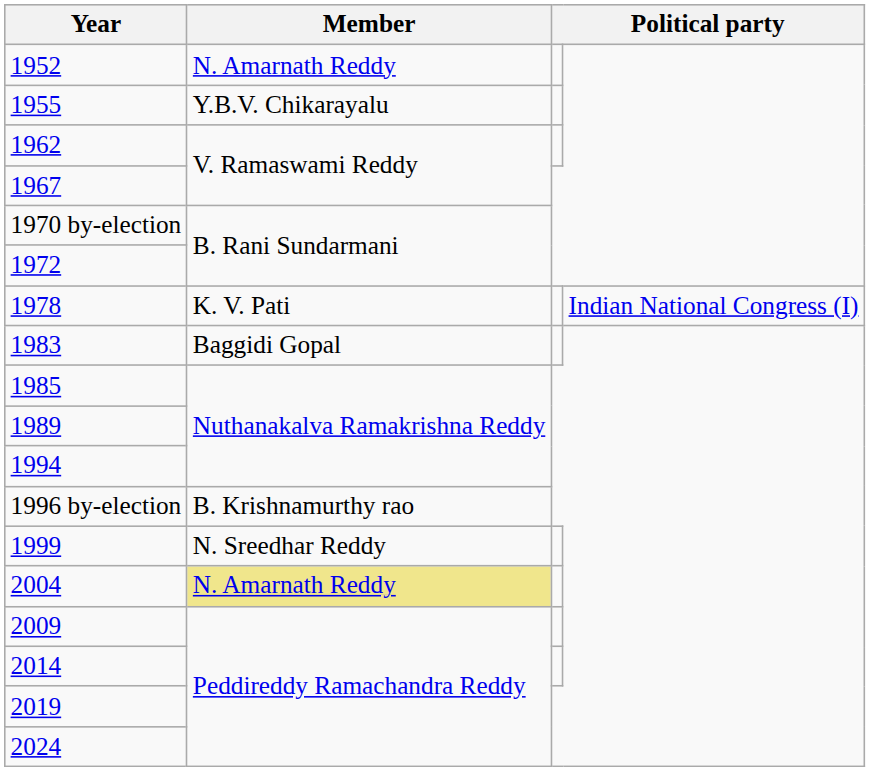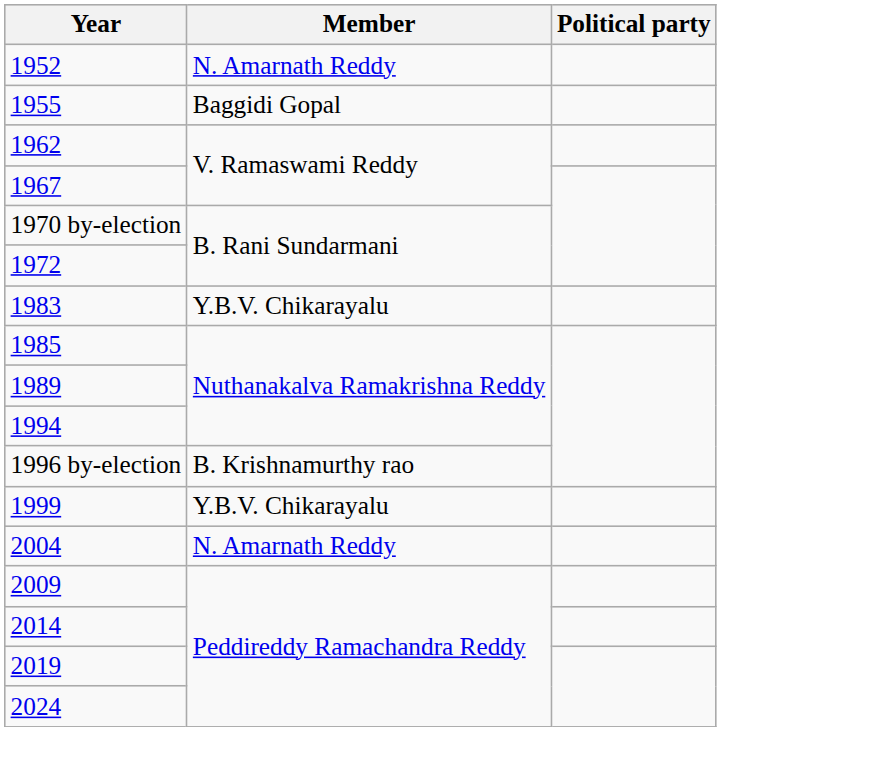 <table class="wikitable sortable">
 <tr>
 <th>Year</th>
 <th>Member</th>
 <th colspan="2">Political party</th>
 </tr>
 <tr>
 <td><a href='#'>1952</a></td>
 <td><a href='#'>N. Amarnath Reddy</a></td>
 <td></td>
 </tr>
 <tr>
 <td><a href='#'>1955</a></td>
-<td>Y.B.V. Chikarayalu</td>
+<td>Baggidi Gopal</td>
 <td></td>
 </tr>
 <tr>
 <td><a href='#'>1962</a></td>
 <td rowspan=2>V. Ramaswami Reddy</td>
 <td></td>
 </tr>
 <tr>
 <td><a href='#'>1967</a></td>
 </tr>
 <tr>
 <td>1970 by-election</td>
 <td rowspan=2>B. Rani Sundarmani</td>
 </tr>
 <tr>
 <td><a href='#'>1972</a></td>
 </tr>
 <tr>
-<td><a href='#'>1978</a></td>
-<td>K. V. Pati</td>
-<td style="background-color: "></td>
-<td><a href='#'>Indian National Congress (I)</a></td>
-</tr>
-<tr>
 <td><a href='#'>1983</a></td>
-<td>Baggidi Gopal</td>
+<td>Y.B.V. Chikarayalu</td>
 <td></td>
 </tr>
 <tr>
 <td><a href='#'>1985</a></td>
 <td rowspan=3><a href='#'>Nuthanakalva Ramakrishna Reddy</a></td>
 </tr>
 <tr>
 <td><a href='#'>1989</a></td>
 </tr>
 <tr>
 <td><a href='#'>1994</a></td>
 </tr>
 <tr>
 <td>1996 by-election</td>
 <td>B. Krishnamurthy rao</td>
 </tr>
 <tr>
 <td><a href='#'>1999</a></td>
-<td>N. Sreedhar Reddy</td>
+<td>Y.B.V. Chikarayalu</td>
 <td></td>
 </tr>
 <tr>
 <td><a href='#'>2004</a></td>
-<td style="background: khaki;"><a href='#'>N. Amarnath Reddy</a></td>
+<td><a href='#'>N. Amarnath Reddy</a></td>
 <td></td>
 </tr>
 <tr>
 <td><a href='#'>2009</a></td>
 <td rowspan=4><a href='#'>Peddireddy Ramachandra Reddy</a></td>
 <td></td>
 </tr>
 <tr>
 <td><a href='#'>2014</a></td>
 <td></td>
 </tr>
 <tr>
 <td><a href='#'>2019</a></td>
 </tr>
 <tr>
 <td><a href='#'>2024</a></td>
 </tr>
 </table>
